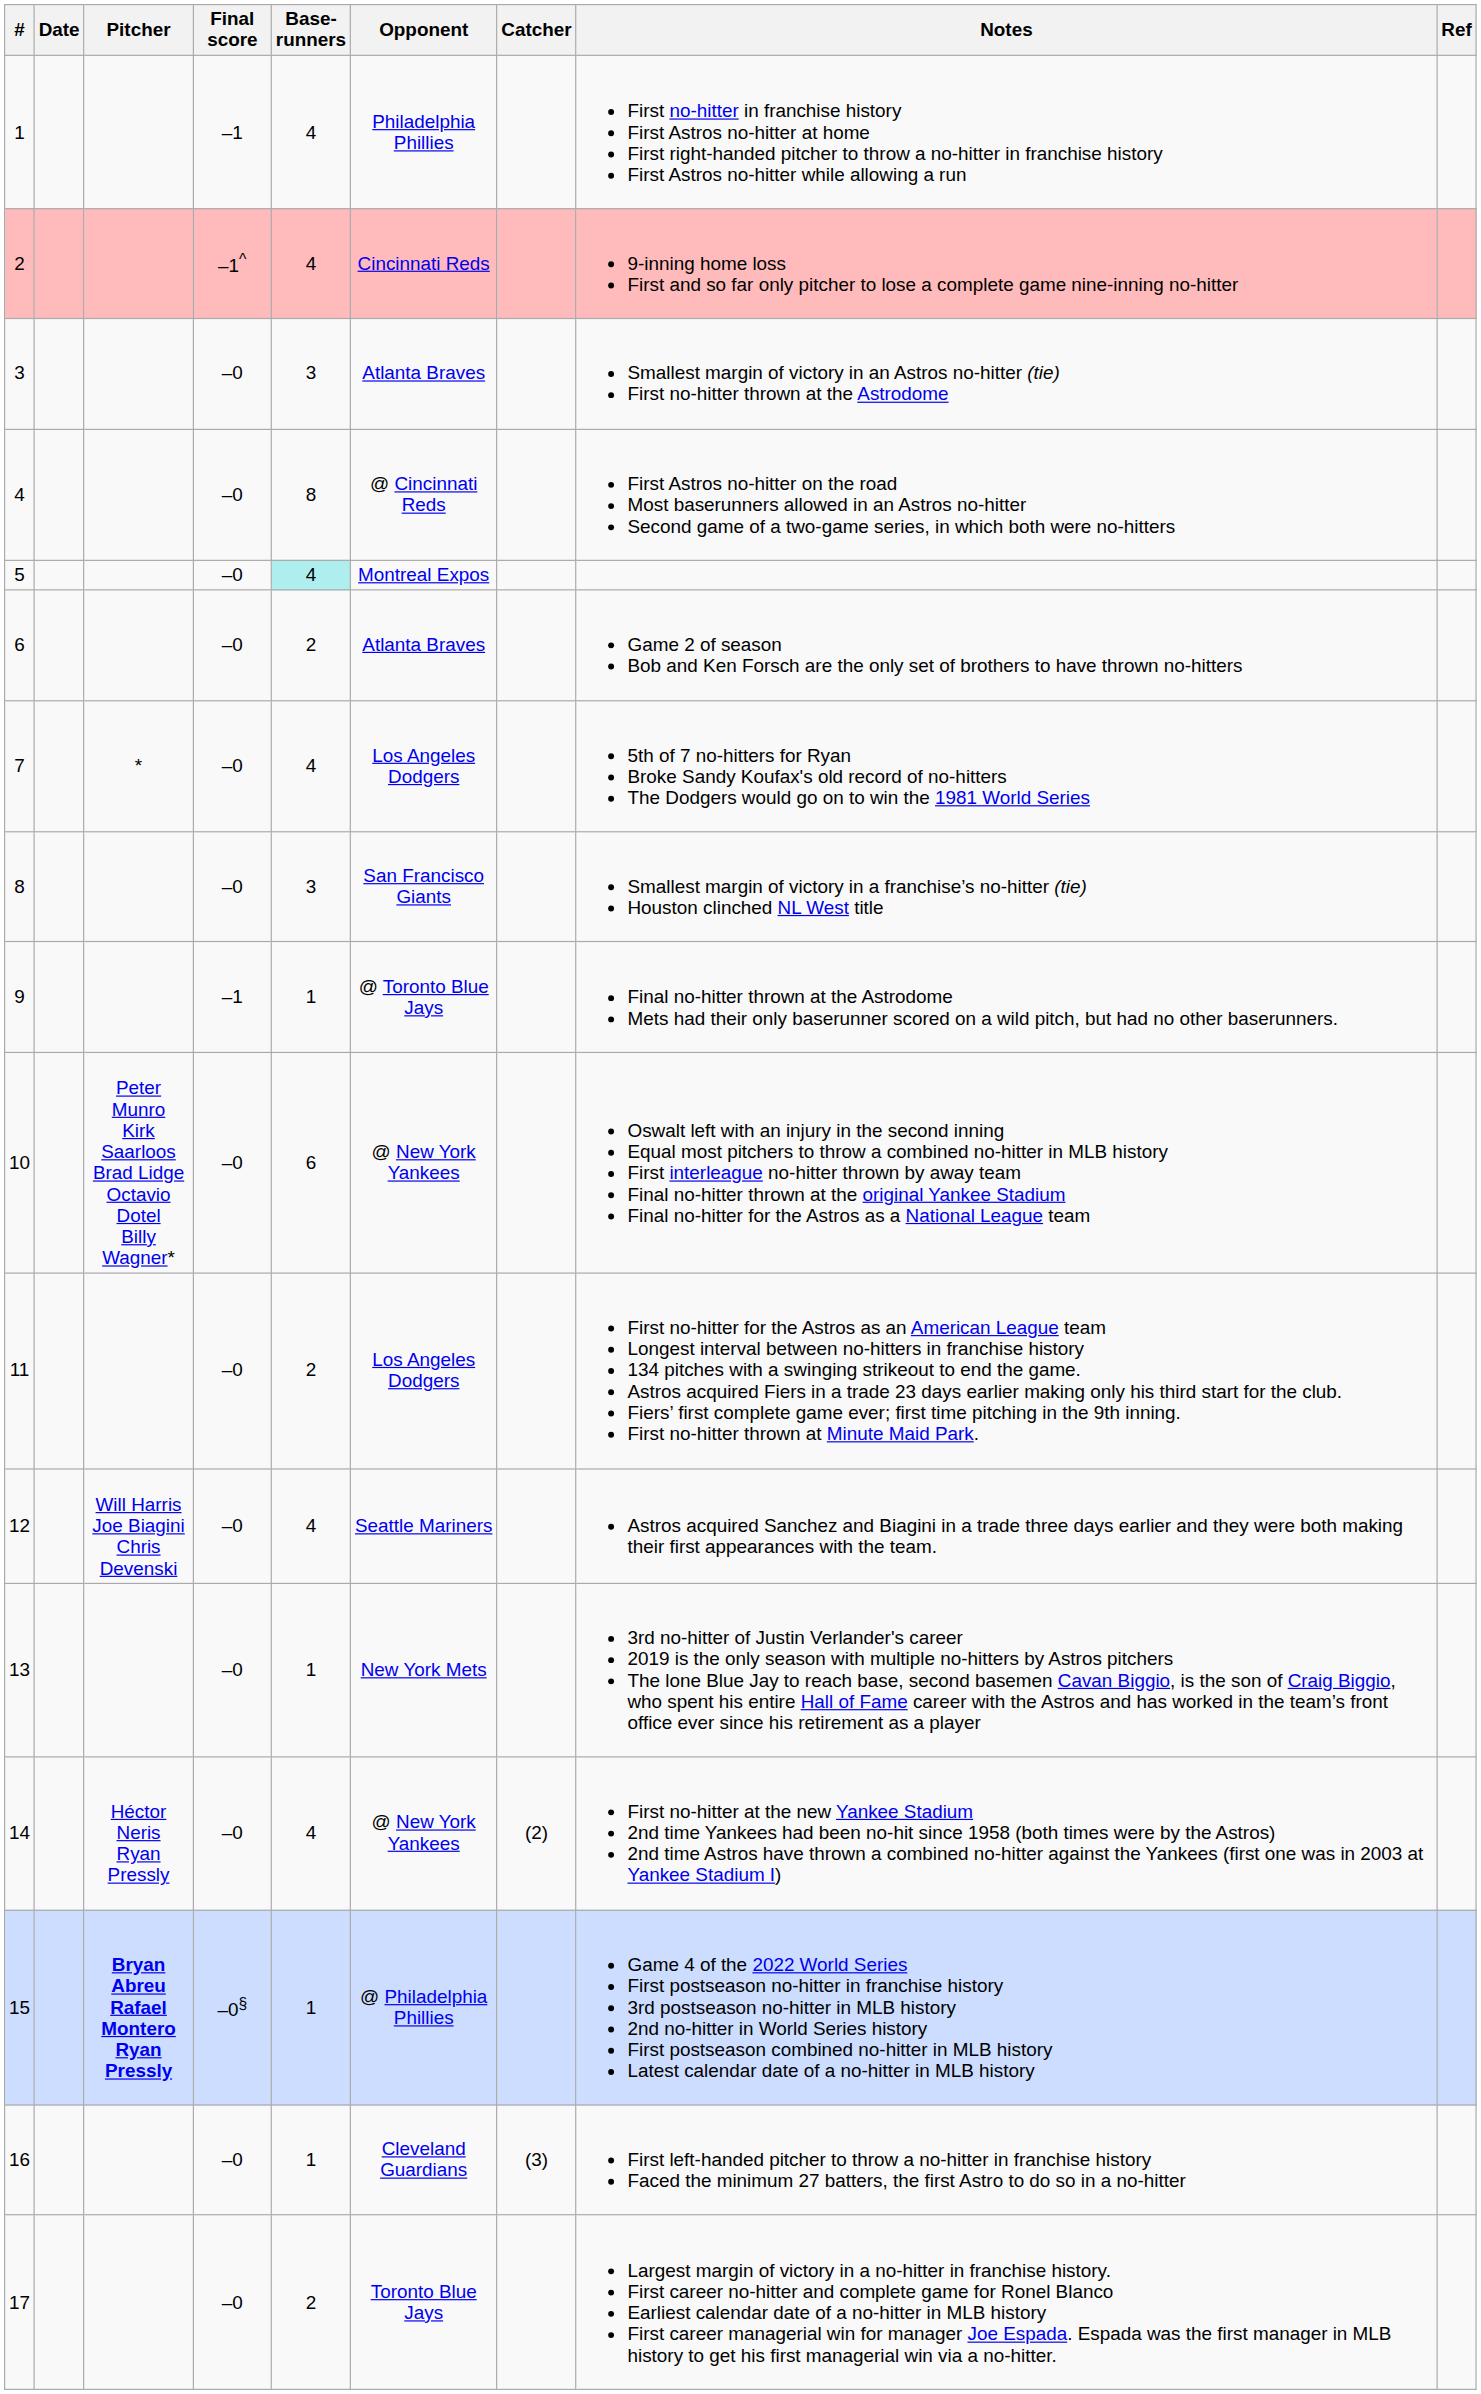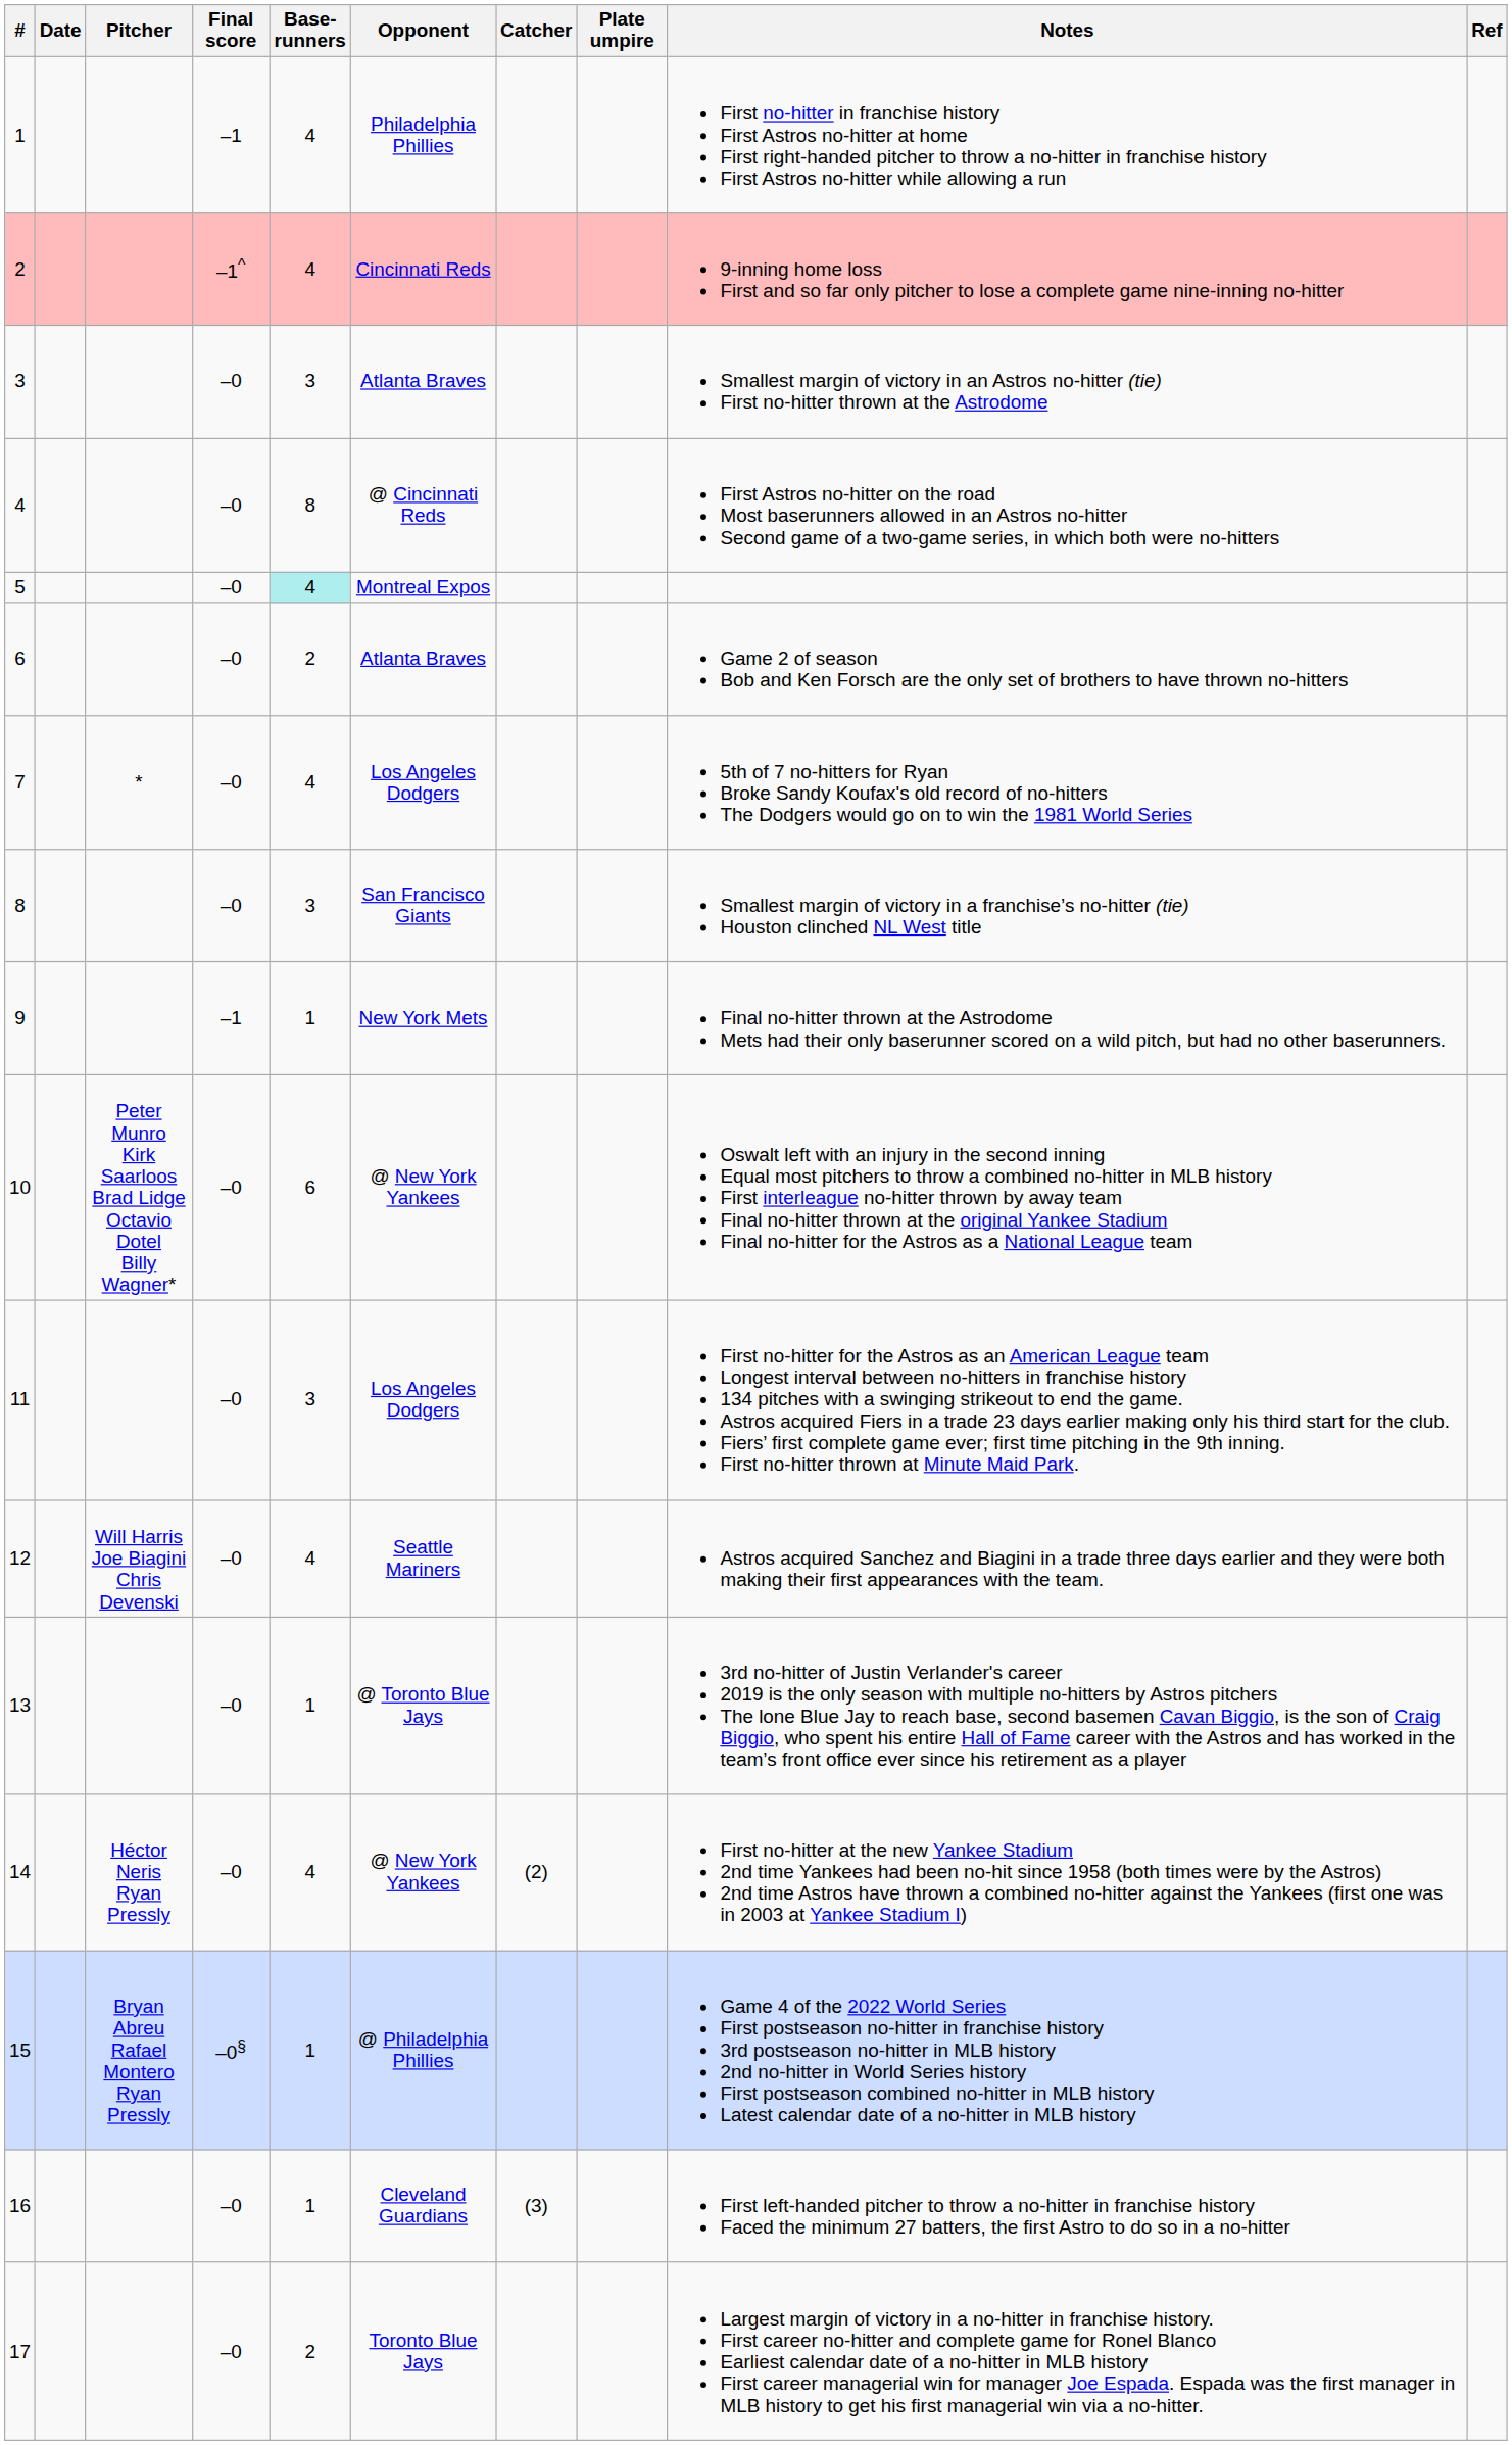 <table class="wikitable sortable" style="text-align:center" border="1">
 <tr>
 <th>#</th>
 <th>Date</th>
 <th>Pitcher</th>
 <th>Final score</th>
 <th>Base-<br>runners</th>
 <th>Opponent</th>
 <th>Catcher</th>
+<th>Plate umpire</th>
 <th class="unsortable">Notes</th>
 <th class="unsortable">Ref</th>
 </tr>
 <tr>
 <td>1</td>
 <td></td>
 <td></td>
 <td>–1</td>
 <td>4</td>
 <td><a href='#'>Philadelphia Phillies</a></td>
+<td></td>
 <td></td>
 <td align="left"><br><ul><li>First <a href='#'>no-hitter</a> in franchise history</li><li>First Astros no-hitter at home</li><li>First right-handed pitcher to throw a no-hitter in franchise history</li><li>First Astros no-hitter while allowing a run</li></ul></td>
 <td></td>
 </tr>
 <tr bgcolor="ffbbbb">
 <td>2</td>
 <td></td>
 <td></td>
 <td>–1<sup>^</sup></td>
 <td>4</td>
 <td><a href='#'>Cincinnati Reds</a></td>
 <td></td>
+<td></td>
 <td align="left"><br><ul><li>9-inning home loss</li><li>First and so far only pitcher to lose a complete game nine-inning no-hitter</li></ul></td>
 <td></td>
 </tr>
 <tr>
 <td>3</td>
 <td></td>
 <td> </td>
 <td>–0</td>
 <td>3</td>
 <td><a href='#'>Atlanta Braves</a></td>
+<td></td>
 <td></td>
 <td align="left"><br><ul><li>Smallest margin of victory in an Astros no-hitter <em>(tie)</em></li><li>First no-hitter thrown at the <a href='#'>Astrodome</a></li></ul></td>
 <td></td>
 </tr>
 <tr>
 <td>4</td>
 <td></td>
 <td> </td>
 <td>–0</td>
 <td>8</td>
 <td>@ <a href='#'>Cincinnati Reds</a></td>
 <td></td>
+<td></td>
 <td align="left"><br><ul><li>First Astros no-hitter on the road</li><li>Most baserunners allowed in an Astros no-hitter</li><li>Second game of a two-game series, in which both were no-hitters</li></ul></td>
 <td></td>
 </tr>
 <tr>
 <td>5</td>
 <td></td>
 <td></td>
 <td>–0</td>
 <td style="background: paleturquoise;">4</td>
 <td><a href='#'>Montreal Expos</a></td>
+<td></td>
 <td></td>
 <td align="left"></td>
 <td></td>
 </tr>
 <tr>
 <td>6</td>
 <td></td>
 <td></td>
 <td>–0</td>
 <td>2</td>
 <td><a href='#'>Atlanta Braves</a></td>
 <td> </td>
+<td></td>
 <td align="left"><br><ul><li>Game 2 of season</li><li>Bob and Ken Forsch are the only set of brothers to have thrown no-hitters</li></ul></td>
 <td></td>
 </tr>
 <tr>
 <td>7</td>
 <td></td>
 <td>*</td>
 <td>–0</td>
 <td>4</td>
 <td><a href='#'>Los Angeles Dodgers</a></td>
 <td> </td>
+<td></td>
 <td align="left"><br><ul><li>5th of 7 no-hitters for Ryan</li><li>Broke Sandy Koufax's old record of no-hitters</li><li>The Dodgers would go on to win the <a href='#'>1981 World Series</a></li></ul></td>
 <td></td>
 </tr>
 <tr>
 <td>8</td>
 <td></td>
 <td></td>
 <td>–0</td>
 <td>3</td>
 <td><a href='#'>San Francisco Giants</a></td>
 <td> </td>
+<td></td>
 <td align="left"><br><ul><li>Smallest margin of victory in a franchise’s no-hitter <em>(tie)</em></li><li>Houston clinched <a href='#'>NL West</a> title</li></ul></td>
 <td></td>
 </tr>
 <tr>
 <td>9</td>
 <td></td>
 <td></td>
 <td>–1</td>
 <td>1</td>
-<td>@ <a href='#'>Toronto Blue Jays</a></td>
+<td><a href='#'>New York Mets</a></td>
+<td></td>
 <td></td>
 <td align="left"><br><ul><li>Final no-hitter thrown at the Astrodome</li><li>Mets had their only baserunner scored on a wild pitch, but had no other baserunners.</li></ul></td>
 <td></td>
 </tr>
 <tr>
 <td>10</td>
 <td></td>
 <td> <br><a href='#'>Peter Munro</a> <br><a href='#'>Kirk Saarloos</a> <br><a href='#'>Brad Lidge</a> <br><a href='#'>Octavio Dotel</a> <br><a href='#'>Billy Wagner</a>* </td>
 <td>–0</td>
 <td>6</td>
 <td>@ <a href='#'>New York Yankees</a></td>
 <td></td>
+<td></td>
 <td align="left"><br><ul><li>Oswalt left with an injury in the second inning</li><li>Equal most pitchers to throw a combined no-hitter in MLB history</li><li>First <a href='#'>interleague</a> no-hitter thrown by away team</li><li>Final no-hitter thrown at the <a href='#'>original Yankee Stadium</a></li><li>Final no-hitter for the Astros as a <a href='#'>National League</a> team</li></ul></td>
 <td></td>
 </tr>
 <tr>
 <td>11</td>
 <td></td>
 <td></td>
 <td>–0</td>
-<td>2</td>
+<td>3</td>
 <td><a href='#'>Los Angeles Dodgers</a></td>
+<td></td>
 <td></td>
 <td align="left"><br><ul><li>First no-hitter for the Astros as an <a href='#'>American League</a> team</li><li>Longest interval between no-hitters in franchise history</li><li>134 pitches with a swinging strikeout to end the game.</li><li>Astros acquired Fiers in a trade 23 days earlier making only his third start for the club.</li><li>Fiers’ first complete game ever; first time pitching in the 9th inning.</li><li>First no-hitter thrown at <a href='#'>Minute Maid Park</a>.</li></ul></td>
 <td></td>
 </tr>
 <tr>
 <td>12</td>
 <td></td>
 <td> <br><a href='#'>Will Harris</a> <br><a href='#'>Joe Biagini</a> <br><a href='#'>Chris Devenski</a> </td>
 <td>–0</td>
 <td>4</td>
 <td><a href='#'>Seattle Mariners</a></td>
 <td></td>
+<td></td>
 <td align="left"><br><ul><li>Astros acquired Sanchez and Biagini in a trade three days earlier and they were both making their first appearances with the team.</li></ul></td>
 <td></td>
 </tr>
 <tr>
 <td>13</td>
 <td></td>
 <td></td>
 <td>–0</td>
 <td>1</td>
-<td><a href='#'>New York Mets</a></td>
+<td>@ <a href='#'>Toronto Blue Jays</a></td>
+<td></td>
 <td></td>
 <td align="left"><br><ul><li>3rd no-hitter of Justin Verlander's career</li><li>2019 is the only season with multiple no-hitters by Astros pitchers</li><li>The lone Blue Jay to reach base, second basemen <a href='#'>Cavan Biggio</a>, is the son of <a href='#'>Craig Biggio</a>, who spent his entire <a href='#'>Hall of Fame</a> career with the Astros and has worked in the team’s front office ever since his retirement as a player</li></ul></td>
 <td></td>
 </tr>
 <tr>
 <td>14</td>
 <td></td>
 <td> <br><a href='#'>Héctor Neris</a> <br><a href='#'>Ryan Pressly</a> </td>
 <td>–0</td>
 <td>4</td>
 <td>@ <a href='#'>New York Yankees</a></td>
 <td> (2)</td>
+<td></td>
 <td align="left"><br><ul><li>First no-hitter at the new <a href='#'>Yankee Stadium</a></li><li>2nd time Yankees had been no-hit since 1958 (both times were by the Astros)</li><li>2nd time Astros have thrown a combined no-hitter against the Yankees (first one was in 2003 at <a href='#'>Yankee Stadium I</a>)</li></ul></td>
 <td></td>
 </tr>
 <tr bgcolor="#ccddff">
 <td>15</td>
 <td><a href='#'></a></td>
-<td><strong> <br><a href='#'>Bryan Abreu</a> <br><a href='#'>Rafael Montero</a> <br><a href='#'>Ryan Pressly</a> </strong></td>
+<td> <br><a href='#'>Bryan Abreu</a> <br><a href='#'>Rafael Montero</a> <br><a href='#'>Ryan Pressly</a> </td>
 <td>–0<sup>§</sup></td>
 <td>1</td>
 <td>@ <a href='#'>Philadelphia Phillies</a></td>
+<td></td>
 <td></td>
 <td align="left"><br><ul><li>Game 4 of the <a href='#'>2022 World Series</a></li><li>First postseason no-hitter in franchise history</li><li>3rd postseason no-hitter in MLB history</li><li>2nd no-hitter in World Series history</li><li>First postseason combined no-hitter in MLB history</li><li>Latest calendar date of a no-hitter in MLB history</li></ul></td>
 <td></td>
 </tr>
 <tr>
 <td>16</td>
 <td></td>
 <td></td>
 <td>–0</td>
 <td>1</td>
 <td><a href='#'>Cleveland Guardians</a></td>
 <td> (3)</td>
+<td></td>
 <td align="left"><br><ul><li>First left-handed pitcher to throw a no-hitter in franchise history</li><li>Faced the minimum 27 batters, the first Astro to do so in a no-hitter</li></ul></td>
 <td></td>
 </tr>
 <tr>
 <td>17</td>
 <td></td>
 <td></td>
 <td>–0</td>
 <td>2</td>
 <td><a href='#'>Toronto Blue Jays</a></td>
 <td></td>
+<td></td>
 <td align="left"><br><ul><li>Largest margin of victory in a no-hitter in franchise history.</li><li>First career no-hitter and complete game for Ronel Blanco</li><li>Earliest calendar date of a no-hitter in MLB history</li><li>First career managerial win for manager <a href='#'>Joe Espada</a>. Espada was the first manager in MLB history to get his first managerial win via a no-hitter.</li></ul></td>
 <td></td>
 </tr>
 </table>
